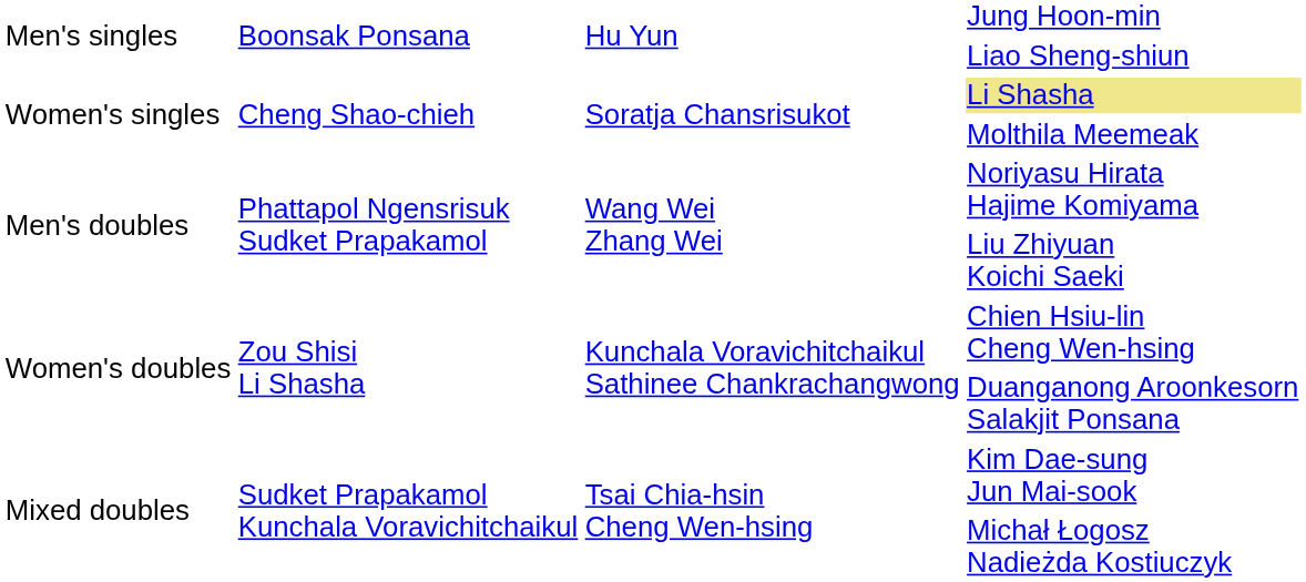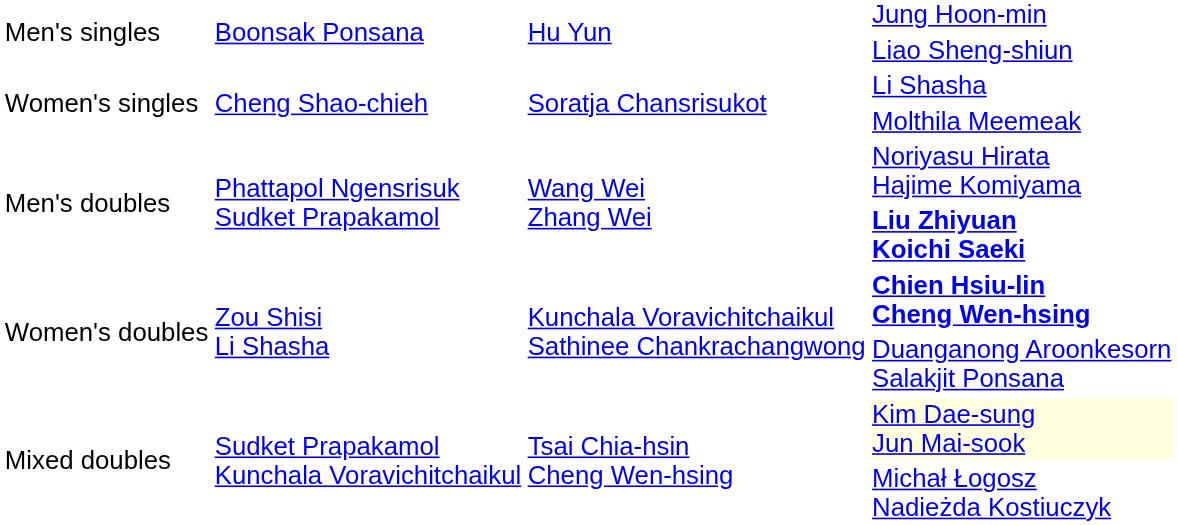 <table>
 <tr>
 <td rowspan="2">Men's singles</td>
 <td rowspan="2"> <a href='#'>Boonsak Ponsana</a></td>
 <td rowspan="2"> <a href='#'>Hu Yun</a></td>
 <td> <a href='#'>Jung Hoon-min</a></td>
 </tr>
 <tr>
 <td> <a href='#'>Liao Sheng-shiun</a></td>
 </tr>
 <tr>
 <td rowspan="2">Women's singles</td>
 <td rowspan="2"> <a href='#'>Cheng Shao-chieh</a></td>
 <td rowspan="2"> <a href='#'>Soratja Chansrisukot</a></td>
-<td style="background: khaki;"> <a href='#'>Li Shasha</a></td>
+<td> <a href='#'>Li Shasha</a></td>
 </tr>
 <tr>
 <td> <a href='#'>Molthila Meemeak</a></td>
 </tr>
 <tr>
 <td rowspan="2">Men's doubles</td>
 <td rowspan="2"> <a href='#'>Phattapol Ngensrisuk</a><br> <a href='#'>Sudket Prapakamol</a></td>
 <td rowspan="2"> <a href='#'>Wang Wei</a><br> <a href='#'>Zhang Wei</a></td>
 <td> <a href='#'>Noriyasu Hirata</a><br> <a href='#'>Hajime Komiyama</a></td>
 </tr>
 <tr>
-<td> <a href='#'>Liu Zhiyuan</a><br> <a href='#'>Koichi Saeki</a></td>
+<td><strong> <a href='#'>Liu Zhiyuan</a><br> <a href='#'>Koichi Saeki</a></strong></td>
 </tr>
 <tr>
 <td rowspan="2">Women's doubles</td>
 <td rowspan="2"> <a href='#'>Zou Shisi</a><br> <a href='#'>Li Shasha</a></td>
 <td rowspan="2"> <a href='#'>Kunchala Voravichitchaikul</a><br> <a href='#'>Sathinee Chankrachangwong</a></td>
-<td> <a href='#'>Chien Hsiu-lin</a><br> <a href='#'>Cheng Wen-hsing</a></td>
+<td><strong> <a href='#'>Chien Hsiu-lin</a><br> <a href='#'>Cheng Wen-hsing</a></strong></td>
 </tr>
 <tr>
 <td> <a href='#'>Duanganong Aroonkesorn</a><br> <a href='#'>Salakjit Ponsana</a></td>
 </tr>
 <tr>
 <td rowspan="2">Mixed doubles</td>
 <td rowspan="2"> <a href='#'>Sudket Prapakamol</a><br> <a href='#'>Kunchala Voravichitchaikul</a></td>
 <td rowspan="2"> <a href='#'>Tsai Chia-hsin</a><br> <a href='#'>Cheng Wen-hsing</a></td>
-<td> <a href='#'>Kim Dae-sung</a><br> <a href='#'>Jun Mai-sook</a></td>
+<td style="background: lightyellow;"> <a href='#'>Kim Dae-sung</a><br> <a href='#'>Jun Mai-sook</a></td>
 </tr>
 <tr>
 <td> <a href='#'>Michał Łogosz</a><br> <a href='#'>Nadieżda Kostiuczyk</a></td>
 </tr>
 </table>
